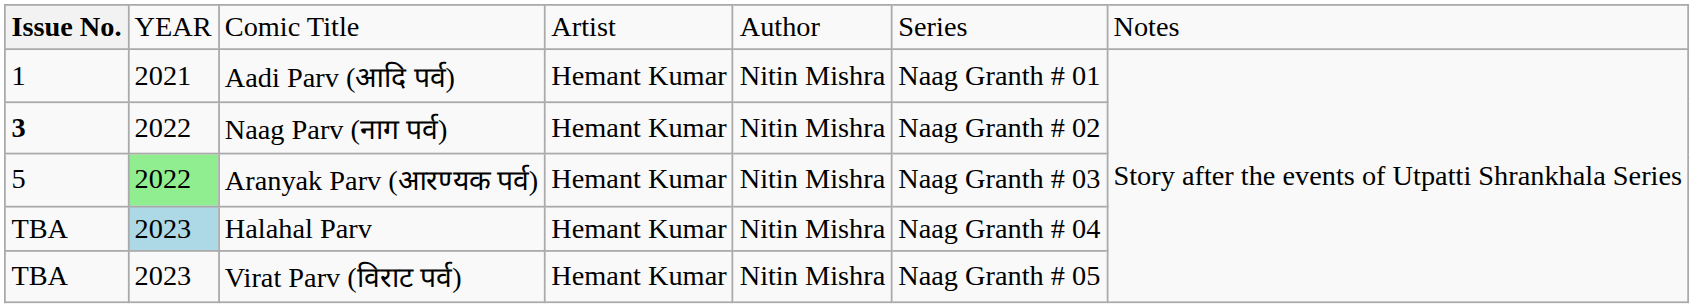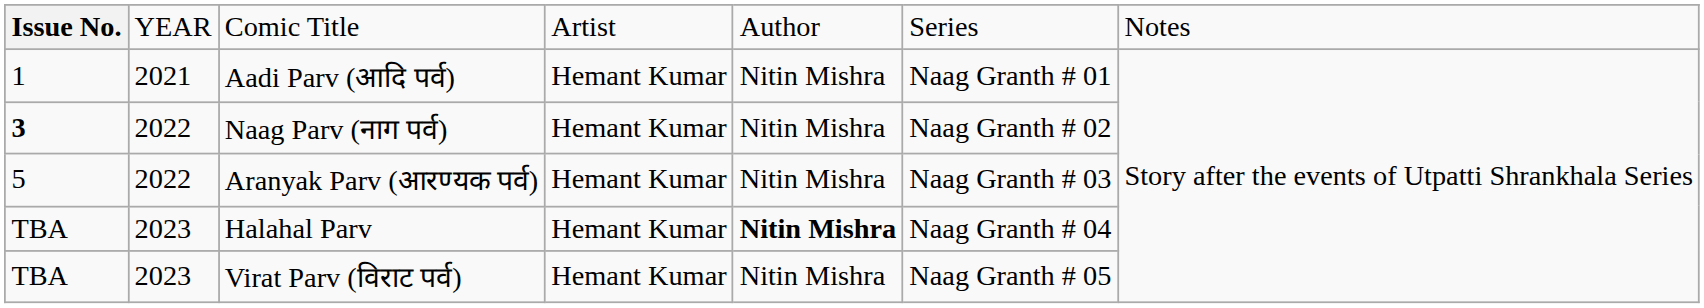 <table class="wikitable">
 <tr>
 <th>Issue No.</th>
 <td>YEAR</td>
 <td>Comic Title</td>
 <td>Artist</td>
 <td>Author</td>
 <td>Series</td>
 <td>Notes</td>
 </tr>
 <tr>
 <td>1</td>
 <td>2021</td>
 <td>Aadi Parv (आदि पर्व)</td>
 <td>Hemant Kumar</td>
 <td>Nitin Mishra</td>
 <td>Naag Granth # 01</td>
 <td rowspan="5">Story after the events of Utpatti Shrankhala Series</td>
 </tr>
 <tr>
 <td><strong>3</strong></td>
 <td>2022</td>
 <td>Naag Parv (नाग पर्व)</td>
 <td>Hemant Kumar</td>
 <td>Nitin Mishra</td>
 <td>Naag Granth # 02</td>
 </tr>
 <tr>
 <td>5</td>
-<td style="background: lightgreen;">2022</td>
+<td>2022</td>
 <td>Aranyak Parv (आरण्यक  पर्व)</td>
 <td>Hemant Kumar</td>
 <td>Nitin Mishra</td>
 <td>Naag Granth # 03</td>
 </tr>
 <tr>
 <td>TBA</td>
-<td style="background: lightblue;">2023</td>
+<td>2023</td>
 <td>Halahal Parv</td>
 <td>Hemant Kumar</td>
-<td>Nitin Mishra</td>
+<td><strong>Nitin Mishra</strong></td>
 <td>Naag Granth # 04</td>
 </tr>
 <tr>
 <td>TBA</td>
 <td>2023</td>
 <td>Virat Parv (विराट  पर्व)</td>
 <td>Hemant Kumar</td>
 <td>Nitin Mishra</td>
 <td>Naag Granth # 05</td>
 </tr>
 </table>
